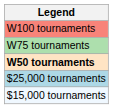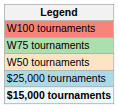 <table class="wikitable" style="font-size:85%">
 <tr>
 <th>Legend</th>
 </tr>
 <tr style="background:#f88379;">
 <td>W100 tournaments</td>
 </tr>
 <tr style="background:#addfad;">
 <td>W75 tournaments</td>
 </tr>
 <tr style="background:#ffe4c4;">
-<td><strong>W50 tournaments</strong></td>
+<td>W50 tournaments</td>
 </tr>
 <tr style="background:lightblue;">
 <td>$25,000 tournaments</td>
 </tr>
 <tr style="background:#f0f8ff;">
-<td>$15,000 tournaments</td>
+<td><strong>$15,000 tournaments</strong></td>
 </tr>
 </table>
